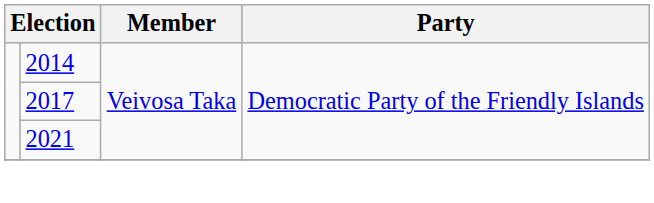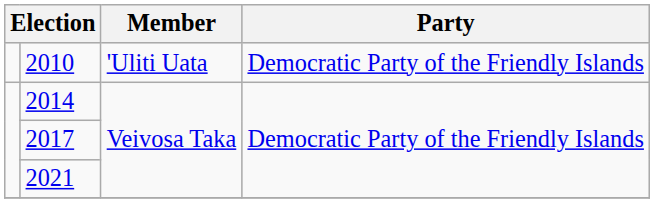 <table class="wikitable">
 <tr>
 <th colspan="2">Election</th>
 <th>Member</th>
 <th>Party</th>
+</tr>
+<tr>
+<td style="background-color: "></td>
+<td><a href='#'>2010</a></td>
+<td><a href='#'>'Uliti Uata</a></td>
+<td><a href='#'>Democratic Party of the Friendly Islands</a></td>
 </tr>
 <tr>
 <td rowspan="3" style="background-color: "></td>
 <td><a href='#'>2014</a></td>
 <td rowspan="3"><a href='#'>Veivosa Taka</a></td>
 <td rowspan="3"><a href='#'>Democratic Party of the Friendly Islands</a></td>
 </tr>
 <tr>
 <td><a href='#'>2017</a></td>
 </tr>
 <tr>
 <td><a href='#'>2021</a></td>
 </tr>
 <tr>
 </tr>
 </table>
